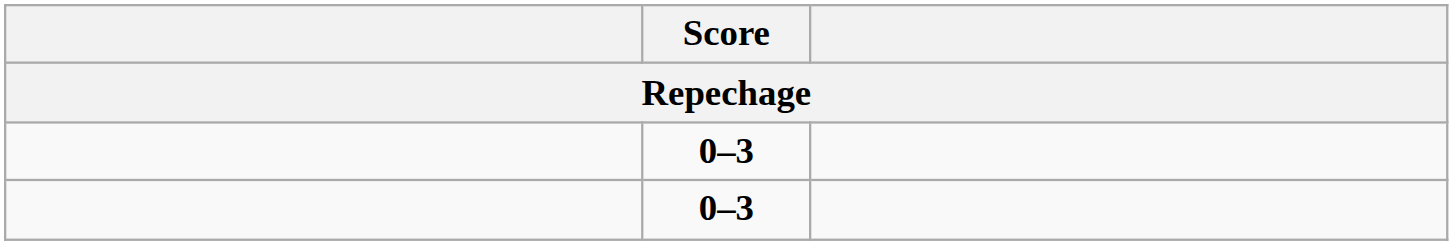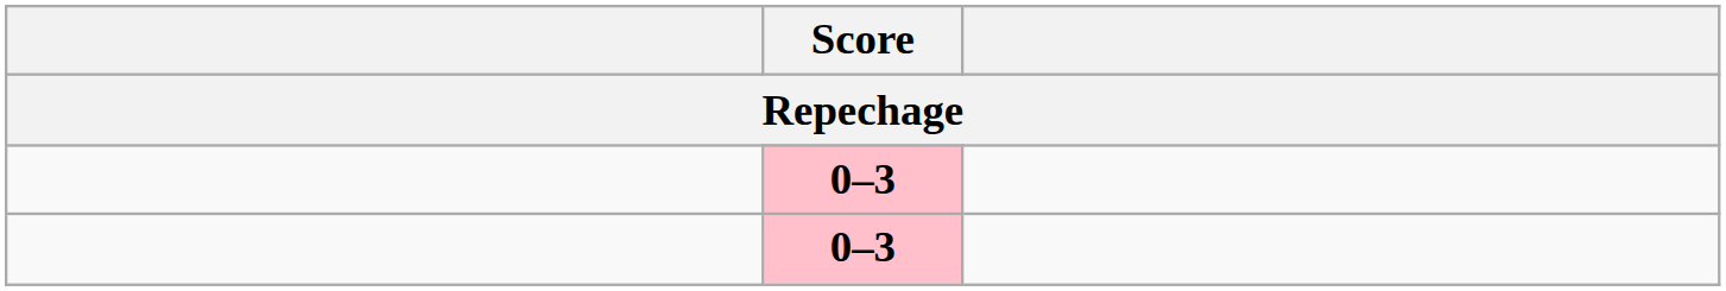 <table class="wikitable" style="text-align: left;">
 <tr>
 <th align="right" width="270"></th>
 <th width="65">Score</th>
 <th align="left" width="270"></th>
 </tr>
 <tr>
 <th colspan="3">Repechage</th>
 </tr>
 <tr>
 <td></td>
-<td align=center><strong>0–3</strong></td>
+<td align=center style="background: pink;"><strong>0–3</strong></td>
 <td><strong></strong></td>
 </tr>
 <tr>
 <td></td>
-<td align=center><strong>0–3</strong></td>
+<td align=center style="background: pink;"><strong>0–3</strong></td>
 <td><strong></strong></td>
 </tr>
 </table>
